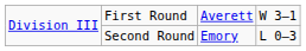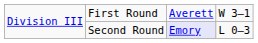 <table class="wikitable">
 <tr>
 <td rowspan="5"><a href='#'>Division III</a></td>
 <td>First Round</td>
 <td><a href='#'>Averett</a></td>
 <td>W 3–1</td>
 </tr>
 <tr>
 <td>Second Round</td>
-<td><a href='#'>Emory</a></td>
+<td style="background: lavender;"><a href='#'>Emory</a></td>
 <td>L 0–3</td>
 </tr>
 </table>
